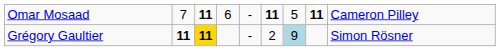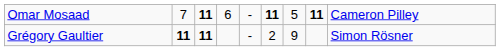 <table class="wikitable">
 <tr>
 <td width=200> <a href='#'>Omar Mosaad</a></td>
 <td style="width:20px; text-align:center;">7</td>
 <td style="width:20px; text-align:center;"><strong>11</strong></td>
 <td style="width:20px; text-align:center;">6</td>
 <td style="width:20px; text-align:center;">-</td>
 <td style="width:20px; text-align:center;"><strong>11</strong></td>
 <td style="width:20px; text-align:center;">5</td>
 <td style="width:20px; text-align:center;"><strong>11</strong></td>
 <td width=200> <a href='#'>Cameron Pilley</a></td>
 </tr>
 <tr>
 <td> <a href='#'>Grégory Gaultier</a></td>
 <td style="text-align:center;"><strong>11</strong></td>
-<td style="background: gold; text-align:center;"><strong>11</strong></td>
+<td style="text-align:center;"><strong>11</strong></td>
 <td style="text-align:center;"></td>
 <td style="text-align:center;">-</td>
 <td style="text-align:center;">2</td>
-<td style="background: lightblue; text-align:center;">9</td>
+<td style="text-align:center;">9</td>
 <td style="text-align:center;"></td>
 <td> <a href='#'>Simon Rösner</a></td>
 </tr>
 </table>
